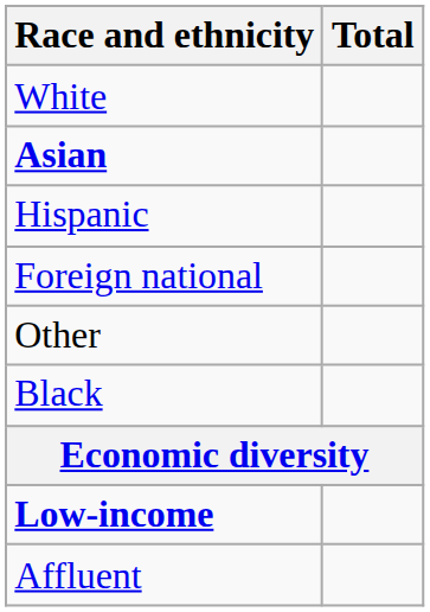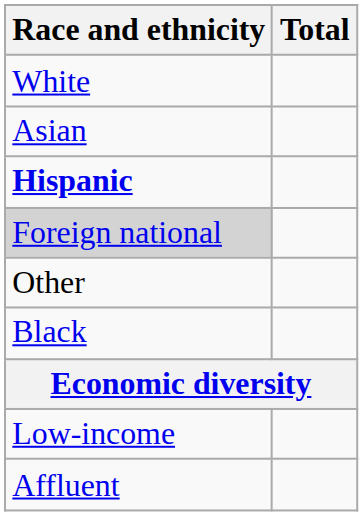 <table class="wikitable floatright sortable collapsible"; text-align:right; font-size:80%;">
 <tr>
 <th>Race and ethnicity</th>
 <th colspan="2" data-sort-type=number>Total</th>
 </tr>
 <tr>
 <td><a href='#'>White</a></td>
 <td align=right></td>
 </tr>
 <tr>
-<td><strong><a href='#'>Asian</a></strong></td>
+<td><a href='#'>Asian</a></td>
 <td align=right></td>
 </tr>
 <tr>
-<td><a href='#'>Hispanic</a></td>
+<td><strong><a href='#'>Hispanic</a></strong></td>
 <td align=right></td>
 </tr>
 <tr>
-<td><a href='#'>Foreign national</a></td>
+<td style="background: lightgrey;"><a href='#'>Foreign national</a></td>
 <td align=right></td>
 </tr>
 <tr>
 <td>Other</td>
 <td align=right></td>
 </tr>
 <tr>
 <td><a href='#'>Black</a></td>
 <td align=right></td>
 </tr>
 <tr>
 <th colspan="4" data-sort-type=number><a href='#'>Economic diversity</a></th>
 </tr>
 <tr>
-<td><strong><a href='#'>Low-income</a></strong></td>
+<td><a href='#'>Low-income</a></td>
 <td align=right></td>
 </tr>
 <tr>
 <td><a href='#'>Affluent</a></td>
 <td align=right></td>
 </tr>
 </table>
